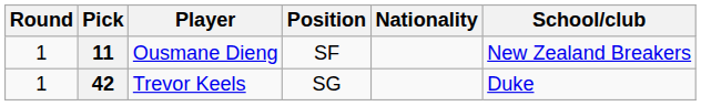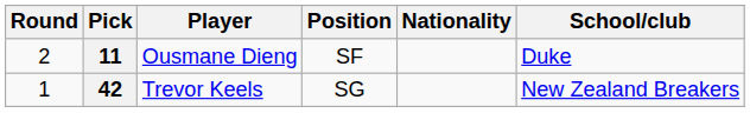 <table class="wikitable">
 <tr>
 <th scope="col">Round</th>
 <th scope="col">Pick</th>
 <th scope="col">Player</th>
 <th scope="col">Position</th>
 <th scope="col">Nationality</th>
 <th scope="col">School/club</th>
 </tr>
 <tr>
-<td style="text-align:center;">1</td>
+<td style="text-align:center;">2</td>
 <th scope="row">11</th>
 <td><a href='#'>Ousmane Dieng</a></td>
 <td style="text-align:center;">SF</td>
 <td></td>
-<td><a href='#'>New Zealand Breakers</a></td>
+<td><a href='#'>Duke</a></td>
 </tr>
 <tr>
 <td style="text-align:center;">1</td>
 <th scope="row">42</th>
 <td><a href='#'>Trevor Keels</a></td>
 <td style="text-align:center;">SG</td>
 <td></td>
-<td><a href='#'>Duke</a></td>
+<td><a href='#'>New Zealand Breakers</a></td>
 </tr>
 </table>
